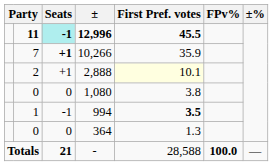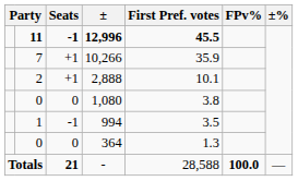 <table class=wikitable>
 <tr>
 <th colspan=2 align=center>Party</th>
 <th valign=top>Seats</th>
 <th valign=top>±</th>
 <th valign=top>First Pref. votes</th>
 <th valign=top>FPv%</th>
 <th valign=top>±%</th>
 </tr>
 <tr>
 <td></td>
 <td align=right><strong>11</strong></td>
-<td align=right style="background: paleturquoise;"><strong>-1</strong></td>
+<td align=right><strong>-1</strong></td>
 <td align=right><strong>12,996</strong></td>
 <td align=right><strong>45.5</strong></td>
 <td align=right></td>
 </tr>
 <tr>
 <td></td>
 <td align=right>7</td>
-<td align=right><strong>+1</strong></td>
+<td align=right>+1</td>
 <td align=right>10,266</td>
 <td align=right>35.9</td>
 <td align=right></td>
 </tr>
 <tr>
 <td></td>
 <td align=right>2</td>
 <td align=right>+1</td>
 <td align=right>2,888</td>
-<td align=right style="background: lightyellow;">10.1</td>
+<td align=right>10.1</td>
 <td align=right></td>
 </tr>
 <tr>
 <td></td>
 <td align=right>0</td>
 <td align=right>0</td>
 <td align=right>1,080</td>
 <td align=right>3.8</td>
 <td align=right></td>
 </tr>
 <tr>
 <td></td>
 <td align=right>1</td>
 <td align=right>-1</td>
 <td align=right>994</td>
-<td align=right><strong>3.5</strong></td>
+<td align=right>3.5</td>
 <td align=right></td>
 </tr>
 <tr>
 <td></td>
 <td align=right>0</td>
 <td align=right>0</td>
 <td align=right>364</td>
 <td align=right>1.3</td>
 <td align=right></td>
 </tr>
 <tr>
 <td colspan=2 align=center><strong>Totals</strong></td>
 <td align=right><strong>21</strong></td>
 <td align=center>-</td>
 <td align=right>28,588</td>
 <td align=center><strong>100.0</strong></td>
 <td align=center>—</td>
 </tr>
 </table>
